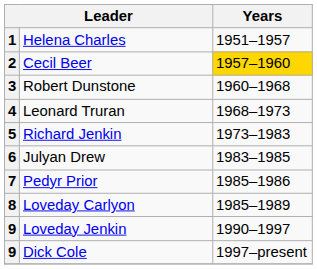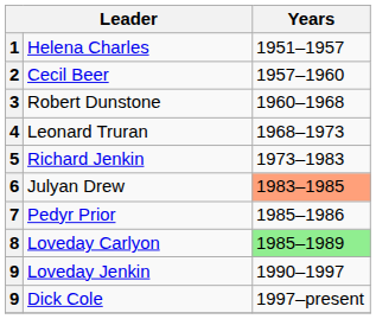 <table class="wikitable">
 <tr>
 <th colspan=2>Leader</th>
 <th>Years</th>
 </tr>
 <tr>
 <th style="background:">1</th>
 <td style="width:200px;"><a href='#'>Helena Charles</a></td>
 <td style="width:100px;">1951–1957</td>
 </tr>
 <tr>
 <th style="background:">2</th>
 <td style="width:200px;"><a href='#'>Cecil Beer</a></td>
-<td style="background: gold; width:100px;">1957–1960</td>
+<td style="width:100px;">1957–1960</td>
 </tr>
 <tr>
 <th style="background:">3</th>
 <td style="width:200px;">Robert Dunstone</td>
 <td style="width:100px;">1960–1968</td>
 </tr>
 <tr>
 <th style="background:">4</th>
 <td style="width:200px;">Leonard Truran</td>
 <td style="width:100px;">1968–1973</td>
 </tr>
 <tr>
 <th style="background:">5</th>
 <td style="width:200px;"><a href='#'>Richard Jenkin</a></td>
 <td style="width:100px;">1973–1983</td>
 </tr>
 <tr>
 <th style="background:">6</th>
 <td style="width:200px;">Julyan Drew</td>
-<td style="width:100px;">1983–1985</td>
+<td style="background: lightsalmon; width:100px;">1983–1985</td>
 </tr>
 <tr>
 <th style="background:">7</th>
 <td style="width:200px;"><a href='#'>Pedyr Prior</a></td>
 <td style="width:100px;">1985–1986</td>
 </tr>
 <tr>
 <th style="background:">8</th>
 <td style="width:200px;"><a href='#'>Loveday Carlyon</a></td>
-<td style="width:100px;">1985–1989</td>
+<td style="background: lightgreen; width:100px;">1985–1989</td>
 </tr>
 <tr>
 <th style="background:">9</th>
 <td style="width:200px;"><a href='#'>Loveday Jenkin</a></td>
 <td style="width:100px;">1990–1997</td>
 </tr>
 <tr>
 <th style="background:">9</th>
 <td style="width:200px;"><a href='#'>Dick Cole</a></td>
 <td style="width:100px;">1997–present</td>
 </tr>
 <tr>
 </tr>
 </table>
